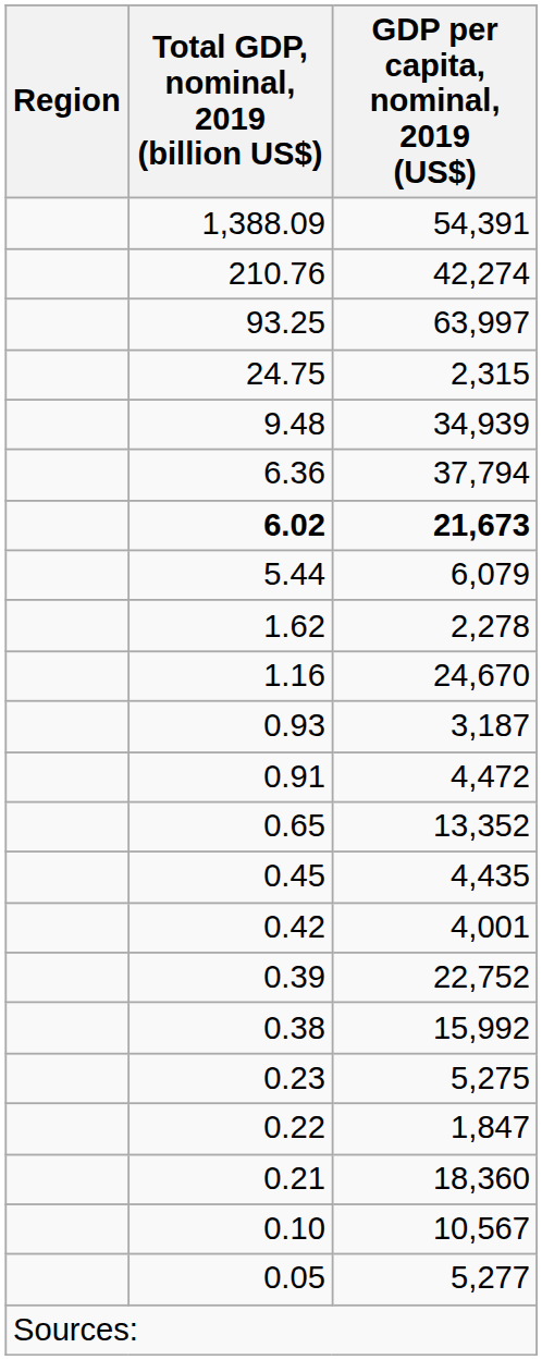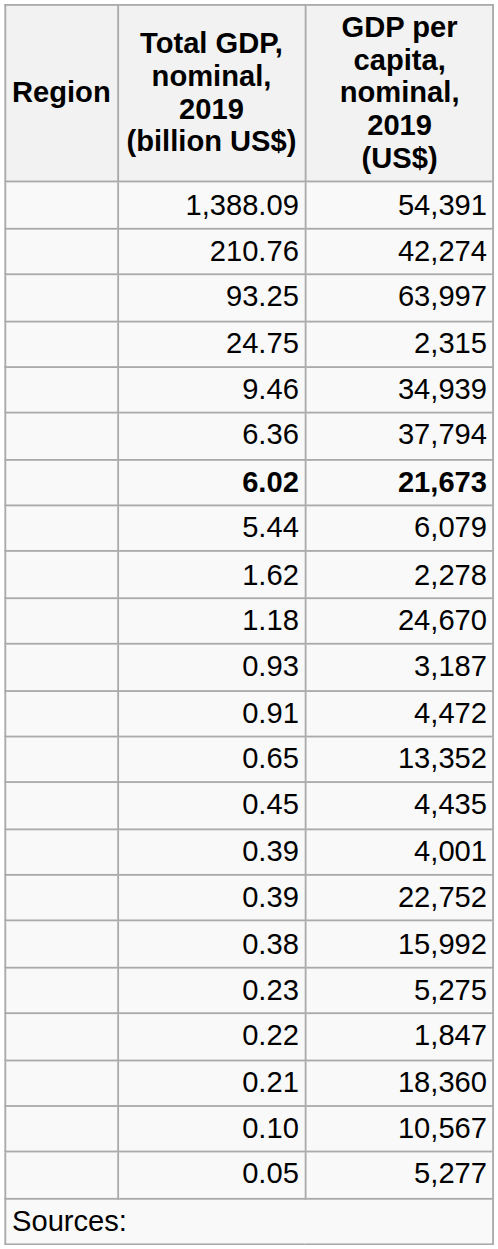 <table class="wikitable sortable floatright"  style="margin:20px 0px 20px 20px">
 <tr>
 <th>Region</th>
 <th style="width:6em;">Total GDP, nominal, 2019 <br>(billion US$)</th>
 <th style="width:6em;">GDP per capita, nominal, 2019 <br>(US$)</th>
 </tr>
 <tr>
 <td style="text-align:left;"></td>
 <td style="text-align:right;">1,388.09</td>
 <td style="text-align:right;">54,391</td>
 </tr>
 <tr>
 <td style="text-align:left;"></td>
 <td style="text-align:right;">210.76</td>
 <td style="text-align:right;">42,274</td>
 </tr>
 <tr>
 <td style="text-align:left;"></td>
 <td style="text-align:right;">93.25</td>
 <td style="text-align:right;">63,997</td>
 </tr>
 <tr>
 <td style="text-align:left;"></td>
 <td style="text-align:right;">24.75</td>
 <td style="text-align:right;">2,315</td>
 </tr>
 <tr>
 <td style="text-align:left;"></td>
-<td style="text-align:right;">9.48</td>
+<td style="text-align:right;">9.46</td>
 <td style="text-align:right;">34,939</td>
 </tr>
 <tr>
 <td style="text-align:left;"></td>
 <td style="text-align:right;">6.36</td>
 <td style="text-align:right;">37,794</td>
 </tr>
 <tr style="font-weight:bold;">
 <td style="text-align:left;"></td>
 <td style="text-align:right;">6.02</td>
 <td style="text-align:right;">21,673</td>
 </tr>
 <tr>
 <td style="text-align:left;"></td>
 <td style="text-align:right;">5.44</td>
 <td style="text-align:right;">6,079</td>
 </tr>
 <tr>
 <td style="text-align:left;"></td>
 <td style="text-align:right;">1.62</td>
 <td style="text-align:right;">2,278</td>
 </tr>
 <tr>
 <td style="text-align:left;"></td>
-<td style="text-align:right;">1.16</td>
+<td style="text-align:right;">1.18</td>
 <td style="text-align:right;">24,670</td>
 </tr>
 <tr>
 <td style="t.ext-align:left;"></td>
 <td style="text-align:right;">0.93</td>
 <td style="text-align:right;">3,187</td>
 </tr>
 <tr>
 <td style="text-align:left;"></td>
 <td style="text-align:right;">0.91</td>
 <td style="text-align:right;">4,472</td>
 </tr>
 <tr>
 <td style="text-align:left;"></td>
 <td style="text-align:right;">0.65</td>
 <td style="text-align:right;">13,352</td>
 </tr>
 <tr>
 <td style="text-align:left;"></td>
 <td style="text-align:right;">0.45</td>
 <td style="text-align:right;">4,435</td>
 </tr>
 <tr>
 <td style="text-align:left;"></td>
-<td style="text-align:right;">0.42</td>
+<td style="text-align:right;">0.39</td>
 <td style="text-align:right;">4,001</td>
 </tr>
 <tr>
 <td style="text-align:left;"></td>
 <td style="text-align:right;">0.39</td>
 <td style="text-align:right;">22,752</td>
 </tr>
 <tr>
 <td style="text-align:left;"></td>
 <td style="text-align:right;">0.38</td>
 <td style="text-align:right;">15,992</td>
 </tr>
 <tr>
 <td style="text-align:left;"></td>
 <td style="text-align:right;">0.23</td>
 <td style="text-align:right;">5,275</td>
 </tr>
 <tr>
 <td style="text-align:left;"></td>
 <td style="text-align:right;">0.22</td>
 <td style="text-align:right;">1,847</td>
 </tr>
 <tr>
 <td style="text-align:left;"></td>
 <td style="text-align:right;">0.21</td>
 <td style="text-align:right;">18,360</td>
 </tr>
 <tr>
 <td style="text-align:left;"></td>
 <td style="text-align:right;">0.10</td>
 <td style="text-align:right;">10,567</td>
 </tr>
 <tr>
 <td style="text-align:left;"></td>
 <td style="text-align:right;">0.05</td>
 <td style="text-align:right;">5,277</td>
 </tr>
 <tr>
 <td style="text-align:left;" colspan=3>Sources:</td>
 </tr>
 </table>
